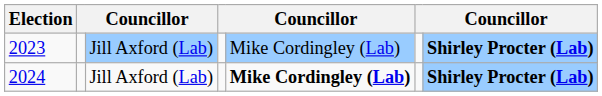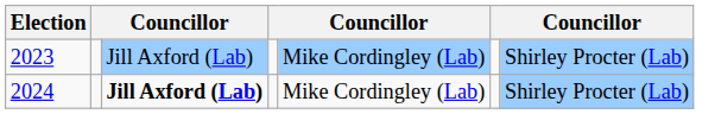 <table class="wikitable">
 <tr>
 <th>Election</th>
 <th colspan="2">Councillor</th>
 <th colspan="2">Councillor</th>
 <th colspan="2">Councillor</th>
 </tr>
 <tr>
 <td><a href='#'>2023</a></td>
 <td style="background-color: "></td>
 <td bgcolor="#99CCFF">Jill Axford  (<a href='#'>Lab</a>)</td>
 <td style="background-color: "></td>
 <td bgcolor="#99CCFF">Mike Cordingley (<a href='#'>Lab</a>)</td>
 <td style="background-color: "></td>
-<td bgcolor="#99CCFF"><strong>Shirley Procter (<a href='#'>Lab</a>)</strong></td>
+<td bgcolor="#99CCFF">Shirley Procter (<a href='#'>Lab</a>)</td>
 </tr>
 <tr>
 <td><a href='#'>2024</a></td>
 <td style="background-color: "></td>
-<td bgcolor=>Jill Axford  (<a href='#'>Lab</a>)</td>
+<td bgcolor=><strong>Jill Axford  (<a href='#'>Lab</a>)</strong></td>
 <td style="background-color: "></td>
-<td bgcolor=><strong>Mike Cordingley (<a href='#'>Lab</a>)</strong></td>
+<td bgcolor=>Mike Cordingley (<a href='#'>Lab</a>)</td>
 <td style="background-color: "></td>
-<td bgcolor="#99CCFF"><strong>Shirley Procter (<a href='#'>Lab</a>)</strong></td>
+<td bgcolor="#99CCFF">Shirley Procter (<a href='#'>Lab</a>)</td>
 </tr>
 </table>
